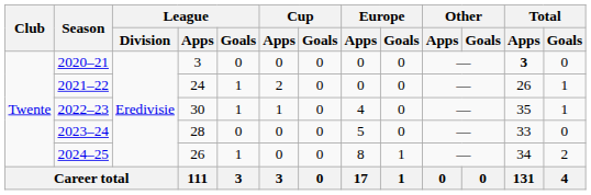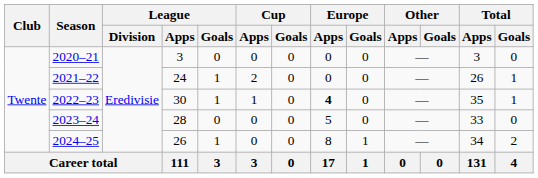 <table class="wikitable" style="text-align:center">
 <tr>
 <th rowspan="2">Club</th>
 <th rowspan="2">Season</th>
 <th colspan="3">League</th>
 <th colspan="2">Cup</th>
 <th colspan="2">Europe</th>
 <th colspan="2">Other</th>
 <th colspan="2">Total</th>
 </tr>
 <tr>
 <th>Division</th>
 <th>Apps</th>
 <th>Goals</th>
 <th>Apps</th>
 <th>Goals</th>
 <th>Apps</th>
 <th>Goals</th>
 <th>Apps</th>
 <th>Goals</th>
 <th>Apps</th>
 <th>Goals</th>
 </tr>
 <tr>
 <td rowspan="5"><a href='#'>Twente</a></td>
 <td><a href='#'>2020–21</a></td>
 <td rowspan="5"><a href='#'>Eredivisie</a></td>
 <td>3</td>
 <td>0</td>
 <td>0</td>
 <td>0</td>
 <td>0</td>
 <td>0</td>
 <td colspan=2>—</td>
-<td><strong>3</strong></td>
+<td>3</td>
 <td>0</td>
 </tr>
 <tr>
 <td><a href='#'>2021–22</a></td>
 <td>24</td>
 <td>1</td>
 <td>2</td>
 <td>0</td>
 <td>0</td>
 <td>0</td>
 <td colspan=2>—</td>
 <td>26</td>
 <td>1</td>
 </tr>
 <tr>
 <td><a href='#'>2022–23</a></td>
 <td>30</td>
 <td>1</td>
 <td>1</td>
 <td>0</td>
-<td>4</td>
+<td><strong>4</strong></td>
 <td>0</td>
 <td colspan=2>—</td>
 <td>35</td>
 <td>1</td>
 </tr>
 <tr>
 <td><a href='#'>2023–24</a></td>
 <td>28</td>
 <td>0</td>
 <td>0</td>
 <td>0</td>
 <td>5</td>
 <td>0</td>
 <td colspan=2>—</td>
 <td>33</td>
 <td>0</td>
 </tr>
 <tr>
 <td><a href='#'>2024–25</a></td>
 <td>26</td>
 <td>1</td>
 <td>0</td>
 <td>0</td>
 <td>8</td>
 <td>1</td>
 <td colspan=2>—</td>
 <td>34</td>
 <td>2</td>
 </tr>
 <tr>
 <th colspan="3">Career total</th>
 <th>111</th>
 <th>3</th>
 <th>3</th>
 <th>0</th>
 <th>17</th>
 <th>1</th>
 <th>0</th>
 <th>0</th>
 <th>131</th>
 <th>4</th>
 </tr>
 </table>
